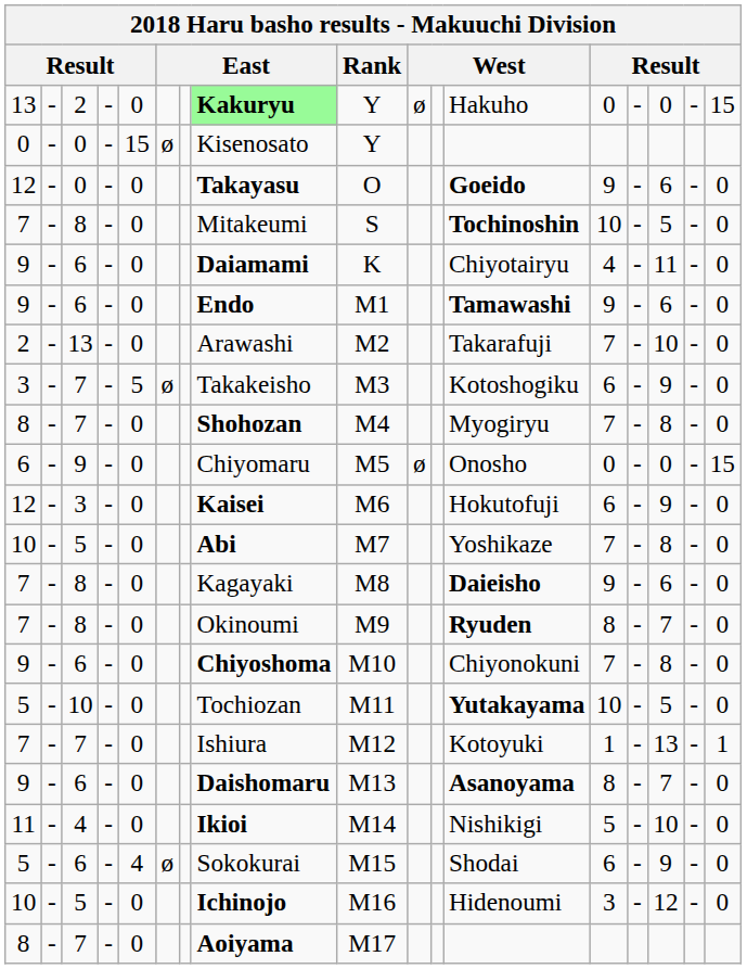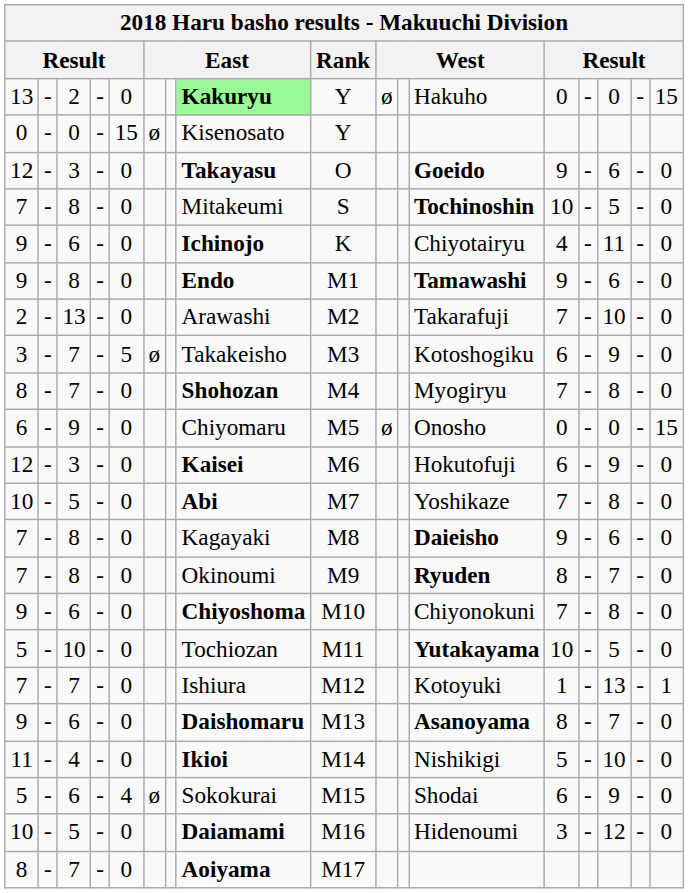 <table class="wikitable">
 <tr>
 <th colspan="17">2018 Haru basho results - Makuuchi Division</th>
 </tr>
 <tr>
 <th colspan="5">Result</th>
 <th colspan="3">East</th>
 <th>Rank</th>
 <th colspan="3">West</th>
 <th colspan="5">Result</th>
 </tr>
 <tr>
 <td align=center>13</td>
 <td align=center>-</td>
 <td align=center>2</td>
 <td align=center>-</td>
 <td align=center>0</td>
 <td align=center></td>
 <td align=center></td>
 <td style="background: PaleGreen;"><strong>Kakuryu</strong></td>
 <td align=center>Y</td>
 <td align=center>ø</td>
 <td align=center></td>
 <td>Hakuho</td>
 <td align=center>0</td>
 <td align=center>-</td>
 <td align=center>0</td>
 <td align=center>-</td>
 <td align=center>15</td>
 </tr>
 <tr>
 <td align=center>0</td>
 <td align=center>-</td>
 <td align=center>0</td>
 <td align=center>-</td>
 <td align=center>15</td>
 <td align=center>ø</td>
 <td align=cencer></td>
 <td>Kisenosato</td>
 <td align=center>Y</td>
 <td align=center></td>
 <td align=center></td>
 <td></td>
 <td align=center></td>
 <td align=center></td>
 <td align=center></td>
 <td align=center></td>
 <td align=center></td>
 </tr>
 <tr>
 <td align=center>12</td>
 <td align=center>-</td>
-<td align=center>0</td>
+<td align=center>3</td>
 <td align=center>-</td>
 <td align=center>0</td>
 <td align=center></td>
 <td align=center></td>
 <td><strong>Takayasu</strong></td>
 <td align=center>O</td>
 <td align=center></td>
 <td align=center></td>
 <td><strong>Goeido</strong></td>
 <td align=center>9</td>
 <td align=center>-</td>
 <td align=center>6</td>
 <td align=center>-</td>
 <td align=center>0</td>
 </tr>
 <tr>
 <td align=center>7</td>
 <td align=center>-</td>
 <td align=center>8</td>
 <td align=center>-</td>
 <td align=center>0</td>
 <td align=center></td>
 <td align=center></td>
 <td>Mitakeumi</td>
 <td align=center>S</td>
 <td align=center></td>
 <td align=center></td>
 <td><strong>Tochinoshin</strong></td>
 <td align=center>10</td>
 <td align=center>-</td>
 <td align=center>5</td>
 <td align=center>-</td>
 <td align=center>0</td>
 </tr>
 <tr>
 <td align=center>9</td>
 <td align=center>-</td>
 <td align=center>6</td>
 <td align=center>-</td>
 <td align=center>0</td>
 <td align=center></td>
 <td align=center></td>
-<td><strong>Daiamami</strong></td>
+<td><strong>Ichinojo</strong></td>
 <td align=center>K</td>
 <td align=center></td>
 <td align=center></td>
 <td>Chiyotairyu</td>
 <td align=center>4</td>
 <td align=center>-</td>
 <td align=center>11</td>
 <td align=center>-</td>
 <td align=center>0</td>
 </tr>
 <tr>
 <td align=center>9</td>
 <td align=center>-</td>
-<td align=center>6</td>
+<td align=center>8</td>
 <td align=center>-</td>
 <td align=center>0</td>
 <td align=center></td>
 <td align=center></td>
 <td><strong>Endo</strong></td>
 <td align=center>M1</td>
 <td align=center></td>
 <td align=center></td>
 <td><strong>Tamawashi</strong></td>
 <td align=center>9</td>
 <td align=center>-</td>
 <td align=center>6</td>
 <td align=center>-</td>
 <td align=center>0</td>
 </tr>
 <tr>
 <td align=center>2</td>
 <td align=center>-</td>
 <td align=center>13</td>
 <td align=center>-</td>
 <td align=center>0</td>
 <td align=center></td>
 <td align=center></td>
 <td>Arawashi</td>
 <td align=center>M2</td>
 <td align=center></td>
 <td align=center></td>
 <td>Takarafuji</td>
 <td align=center>7</td>
 <td align=center>-</td>
 <td align=center>10</td>
 <td align=center>-</td>
 <td align=center>0</td>
 </tr>
 <tr>
 <td align=center>3</td>
 <td align=center>-</td>
 <td align=center>7</td>
 <td align=center>-</td>
 <td align=center>5</td>
 <td align=center>ø</td>
 <td align=center></td>
 <td>Takakeisho</td>
 <td align=center>M3</td>
 <td align=center></td>
 <td align=center></td>
 <td>Kotoshogiku</td>
 <td align=center>6</td>
 <td align=center>-</td>
 <td align=center>9</td>
 <td align=center>-</td>
 <td align=center>0</td>
 </tr>
 <tr>
 <td align=center>8</td>
 <td align=center>-</td>
 <td align=center>7</td>
 <td align=center>-</td>
 <td align=center>0</td>
 <td align=center></td>
 <td align=center></td>
 <td><strong>Shohozan</strong></td>
 <td align=center>M4</td>
 <td align=center></td>
 <td align=center></td>
 <td>Myogiryu</td>
 <td align=center>7</td>
 <td align=center>-</td>
 <td align=center>8</td>
 <td align=center>-</td>
 <td align=center>0</td>
 </tr>
 <tr>
 <td align=center>6</td>
 <td align=center>-</td>
 <td align=center>9</td>
 <td align=center>-</td>
 <td align=center>0</td>
 <td align=center></td>
 <td align=center></td>
 <td>Chiyomaru</td>
 <td align=center>M5</td>
 <td align=center>ø</td>
 <td align=center></td>
 <td>Onosho</td>
 <td align=center>0</td>
 <td align=center>-</td>
 <td align=center>0</td>
 <td align=center>-</td>
 <td align=center>15</td>
 </tr>
 <tr>
 <td align=center>12</td>
 <td align=center>-</td>
 <td align=center>3</td>
 <td align=center>-</td>
 <td align=center>0</td>
 <td align=center></td>
 <td align=center></td>
 <td><strong>Kaisei</strong></td>
 <td align=center>M6</td>
 <td align=center></td>
 <td align=center></td>
 <td>Hokutofuji</td>
 <td align=center>6</td>
 <td align=center>-</td>
 <td align=center>9</td>
 <td align=center>-</td>
 <td align=center>0</td>
 </tr>
 <tr>
 <td align=center>10</td>
 <td align=center>-</td>
 <td align=center>5</td>
 <td align=center>-</td>
 <td align=center>0</td>
 <td align=center></td>
 <td align=center></td>
 <td><strong>Abi</strong></td>
 <td align=center>M7</td>
 <td align=center></td>
 <td align=center></td>
 <td>Yoshikaze</td>
 <td align=center>7</td>
 <td align=center>-</td>
 <td align=center>8</td>
 <td align=center>-</td>
 <td align=center>0</td>
 </tr>
 <tr>
 <td align=center>7</td>
 <td align=center>-</td>
 <td align=center>8</td>
 <td align=center>-</td>
 <td align=center>0</td>
 <td align=center></td>
 <td align=center></td>
 <td>Kagayaki</td>
 <td align=center>M8</td>
 <td align=center></td>
 <td align=center></td>
 <td><strong>Daieisho</strong></td>
 <td align=center>9</td>
 <td align=center>-</td>
 <td align=center>6</td>
 <td align=center>-</td>
 <td align=center>0</td>
 </tr>
 <tr>
 <td align=center>7</td>
 <td align=center>-</td>
 <td align=center>8</td>
 <td align=center>-</td>
 <td align=center>0</td>
 <td align=center></td>
 <td align=center></td>
 <td>Okinoumi</td>
 <td align=center>M9</td>
 <td align=center></td>
 <td align=center></td>
 <td><strong>Ryuden</strong></td>
 <td align=center>8</td>
 <td align=center>-</td>
 <td align=center>7</td>
 <td align=center>-</td>
 <td align=center>0</td>
 </tr>
 <tr>
 <td align=center>9</td>
 <td align=center>-</td>
 <td align=center>6</td>
 <td align=center>-</td>
 <td align=center>0</td>
 <td align=center></td>
 <td align=center></td>
 <td><strong>Chiyoshoma</strong></td>
 <td align=center>M10</td>
 <td align=center></td>
 <td align=center></td>
 <td>Chiyonokuni</td>
 <td align=center>7</td>
 <td align=center>-</td>
 <td align=center>8</td>
 <td align=center>-</td>
 <td align=center>0</td>
 </tr>
 <tr>
 <td align=center>5</td>
 <td align=center>-</td>
 <td align=center>10</td>
 <td align=center>-</td>
 <td align=center>0</td>
 <td align=center></td>
 <td align=center></td>
 <td>Tochiozan</td>
 <td align=center>M11</td>
 <td align=center></td>
 <td align=center></td>
 <td><strong>Yutakayama</strong></td>
 <td align=center>10</td>
 <td align=center>-</td>
 <td align=center>5</td>
 <td align=center>-</td>
 <td align=center>0</td>
 </tr>
 <tr>
 <td align=center>7</td>
 <td align=center>-</td>
 <td align=center>7</td>
 <td align=center>-</td>
 <td align=center>0</td>
 <td align=center></td>
 <td align=center></td>
 <td>Ishiura</td>
 <td align=center>M12</td>
 <td align=center></td>
 <td align=center></td>
 <td>Kotoyuki</td>
 <td align=center>1</td>
 <td align=center>-</td>
 <td align=center>13</td>
 <td align=center>-</td>
 <td align=center>1</td>
 </tr>
 <tr>
 <td align=center>9</td>
 <td align=center>-</td>
 <td align=center>6</td>
 <td align=center>-</td>
 <td align=center>0</td>
 <td align=center></td>
 <td align=center></td>
 <td><strong>Daishomaru</strong></td>
 <td align=center>M13</td>
 <td align=center></td>
 <td align=center></td>
 <td><strong>Asanoyama</strong></td>
 <td align=center>8</td>
 <td align=center>-</td>
 <td align=center>7</td>
 <td align=center>-</td>
 <td align=center>0</td>
 </tr>
 <tr>
 <td align=center>11</td>
 <td align=center>-</td>
 <td align=center>4</td>
 <td align=center>-</td>
 <td align=center>0</td>
 <td align=center></td>
 <td align=center></td>
 <td><strong>Ikioi</strong></td>
 <td align=center>M14</td>
 <td align=center></td>
 <td align=center></td>
 <td>Nishikigi</td>
 <td align=center>5</td>
 <td align=center>-</td>
 <td align=center>10</td>
 <td align=center>-</td>
 <td align=center>0</td>
 </tr>
 <tr>
 <td align=center>5</td>
 <td align=center>-</td>
 <td align=center>6</td>
 <td align=center>-</td>
 <td align=center>4</td>
 <td align=center>ø</td>
 <td align=center></td>
 <td>Sokokurai</td>
 <td align=center>M15</td>
 <td align=center></td>
 <td align=center></td>
 <td>Shodai</td>
 <td align=center>6</td>
 <td align=center>-</td>
 <td align=center>9</td>
 <td align=center>-</td>
 <td align=center>0</td>
 </tr>
 <tr>
 <td align=center>10</td>
 <td align=center>-</td>
 <td align=center>5</td>
 <td align=center>-</td>
 <td align=center>0</td>
 <td align=center></td>
 <td align=center></td>
-<td><strong>Ichinojo</strong></td>
+<td><strong>Daiamami</strong></td>
 <td align=center>M16</td>
 <td align=center></td>
 <td align=center></td>
 <td>Hidenoumi</td>
 <td align=center>3</td>
 <td align=center>-</td>
 <td align=center>12</td>
 <td align=center>-</td>
 <td align=center>0</td>
 </tr>
 <tr>
 <td align=center>8</td>
 <td align=center>-</td>
 <td align=center>7</td>
 <td align=center>-</td>
 <td align=center>0</td>
 <td align=center></td>
 <td align=center></td>
 <td><strong>Aoiyama</strong></td>
 <td align=center>M17</td>
 <td align=center></td>
 <td align=center></td>
 <td align=center></td>
 <td align=center></td>
 <td align=center></td>
 <td align=center></td>
 <td align=center></td>
 <td align=center></td>
 </tr>
 </table>
